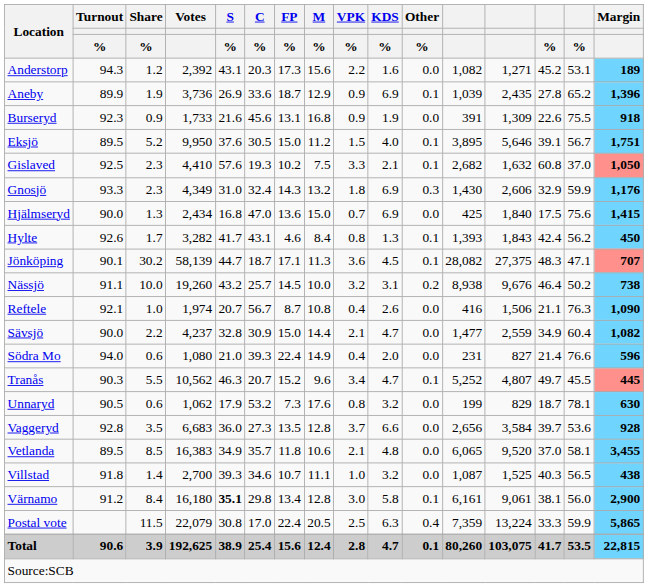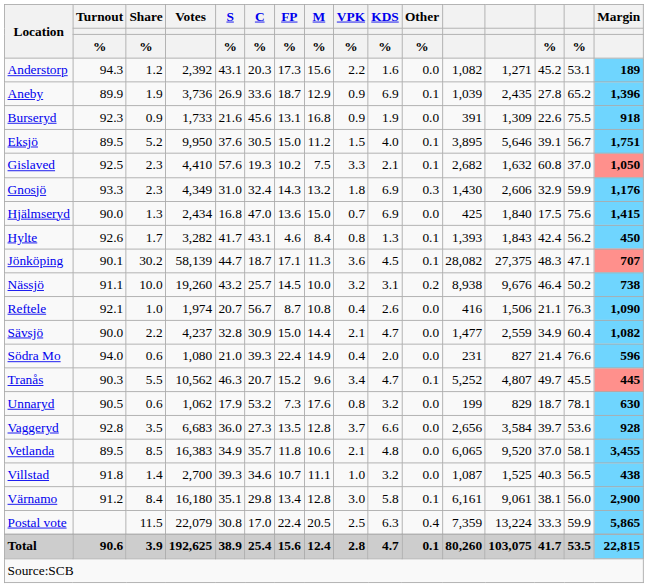 <table class="wikitable sortable" style="text-align:right; font-size:95%; line-height:20px;">
 <tr>
 <th rowspan="3">Location</th>
 <th>Turnout</th>
 <th>Share</th>
 <th>Votes</th>
 <th width="30px" class="unsortable"><a href='#'>S</a></th>
 <th width="30px" class="unsortable"><a href='#'>C</a></th>
 <th width="30px" class="unsortable"><a href='#'>FP</a></th>
 <th width="30px" class="unsortable"><a href='#'>M</a></th>
 <th width="30px" class="unsortable"><a href='#'>VPK</a></th>
 <th width="30px" class="unsortable"><a href='#'>KDS</a></th>
 <th width="30px" class="unsortable">Other</th>
 <th></th>
 <th></th>
 <th></th>
 <th></th>
 <th>Margin</th>
 </tr>
 <tr>
 <th></th>
 <th></th>
 <th></th>
 <th style="background:"></th>
 <th style="background:"></th>
 <th style="background:"></th>
 <th style="background:"></th>
 <th style="background:"></th>
 <th style="background:"></th>
 <th style="background:"></th>
 <th style="background:"></th>
 <th style="background:"></th>
 <th style="background:"></th>
 <th style="background:"></th>
 <th></th>
 </tr>
 <tr>
 <th data-sort-type="number">%</th>
 <th data-sort-type="number">%</th>
 <th></th>
 <th data-sort-type="number">%</th>
 <th data-sort-type="number">%</th>
 <th data-sort-type="number">%</th>
 <th data-sort-type="number">%</th>
 <th data-sort-type="number">%</th>
 <th data-sort-type="number">%</th>
 <th data-sort-type="number">%</th>
 <th data-sort-type="number"></th>
 <th data-sort-type="number"></th>
 <th data-sort-type="number">%</th>
 <th data-sort-type="number">%</th>
 <th data-sort-type="number"></th>
 </tr>
 <tr>
 <td align=left><a href='#'>Anderstorp</a></td>
 <td>94.3</td>
 <td>1.2</td>
 <td>2,392</td>
 <td>43.1</td>
 <td>20.3</td>
 <td>17.3</td>
 <td>15.6</td>
 <td>2.2</td>
 <td>1.6</td>
 <td>0.0</td>
 <td>1,082</td>
 <td>1,271</td>
 <td>45.2</td>
 <td>53.1</td>
 <td bgcolor=#6fd5fe><strong>189</strong></td>
 </tr>
 <tr>
 <td align=left><a href='#'>Aneby</a></td>
 <td>89.9</td>
 <td>1.9</td>
 <td>3,736</td>
 <td>26.9</td>
 <td>33.6</td>
 <td>18.7</td>
 <td>12.9</td>
 <td>0.9</td>
 <td>6.9</td>
 <td>0.1</td>
 <td>1,039</td>
 <td>2,435</td>
 <td>27.8</td>
 <td>65.2</td>
 <td bgcolor=#6fd5fe><strong>1,396</strong></td>
 </tr>
 <tr>
 <td align=left><a href='#'>Burseryd</a></td>
 <td>92.3</td>
 <td>0.9</td>
 <td>1,733</td>
 <td>21.6</td>
 <td>45.6</td>
 <td>13.1</td>
 <td>16.8</td>
 <td>0.9</td>
 <td>1.9</td>
 <td>0.0</td>
 <td>391</td>
 <td>1,309</td>
 <td>22.6</td>
 <td>75.5</td>
 <td bgcolor=#6fd5fe><strong>918</strong></td>
 </tr>
 <tr>
 <td align=left><a href='#'>Eksjö</a></td>
 <td>89.5</td>
 <td>5.2</td>
 <td>9,950</td>
 <td>37.6</td>
 <td>30.5</td>
 <td>15.0</td>
 <td>11.2</td>
 <td>1.5</td>
 <td>4.0</td>
 <td>0.1</td>
 <td>3,895</td>
 <td>5,646</td>
 <td>39.1</td>
 <td>56.7</td>
 <td bgcolor=#6fd5fe><strong>1,751</strong></td>
 </tr>
 <tr>
 <td align=left><a href='#'>Gislaved</a></td>
 <td>92.5</td>
 <td>2.3</td>
 <td>4,410</td>
 <td>57.6</td>
 <td>19.3</td>
 <td>10.2</td>
 <td>7.5</td>
 <td>3.3</td>
 <td>2.1</td>
 <td>0.1</td>
 <td>2,682</td>
 <td>1,632</td>
 <td>60.8</td>
 <td>37.0</td>
 <td bgcolor=#ff908c><strong>1,050</strong></td>
 </tr>
 <tr>
 <td align=left><a href='#'>Gnosjö</a></td>
 <td>93.3</td>
 <td>2.3</td>
 <td>4,349</td>
 <td>31.0</td>
 <td>32.4</td>
 <td>14.3</td>
 <td>13.2</td>
 <td>1.8</td>
 <td>6.9</td>
 <td>0.3</td>
 <td>1,430</td>
 <td>2,606</td>
 <td>32.9</td>
 <td>59.9</td>
 <td bgcolor=#6fd5fe><strong>1,176</strong></td>
 </tr>
 <tr>
 <td align=left><a href='#'>Hjälmseryd</a></td>
 <td>90.0</td>
 <td>1.3</td>
 <td>2,434</td>
 <td>16.8</td>
 <td>47.0</td>
 <td>13.6</td>
 <td>15.0</td>
 <td>0.7</td>
 <td>6.9</td>
 <td>0.0</td>
 <td>425</td>
 <td>1,840</td>
 <td>17.5</td>
 <td>75.6</td>
 <td bgcolor=#6fd5fe><strong>1,415</strong></td>
 </tr>
 <tr>
 <td align=left><a href='#'>Hylte</a></td>
 <td>92.6</td>
 <td>1.7</td>
 <td>3,282</td>
 <td>41.7</td>
 <td>43.1</td>
 <td>4.6</td>
 <td>8.4</td>
 <td>0.8</td>
 <td>1.3</td>
 <td>0.1</td>
 <td>1,393</td>
 <td>1,843</td>
 <td>42.4</td>
 <td>56.2</td>
 <td bgcolor=#6fd5fe><strong>450</strong></td>
 </tr>
 <tr>
 <td align=left><a href='#'>Jönköping</a></td>
 <td>90.1</td>
 <td>30.2</td>
 <td>58,139</td>
 <td>44.7</td>
 <td>18.7</td>
 <td>17.1</td>
 <td>11.3</td>
 <td>3.6</td>
 <td>4.5</td>
 <td>0.1</td>
 <td>28,082</td>
 <td>27,375</td>
 <td>48.3</td>
 <td>47.1</td>
 <td bgcolor=#ff908c><strong>707</strong></td>
 </tr>
 <tr>
 <td align=left><a href='#'>Nässjö</a></td>
 <td>91.1</td>
 <td>10.0</td>
 <td>19,260</td>
 <td>43.2</td>
 <td>25.7</td>
 <td>14.5</td>
 <td>10.0</td>
 <td>3.2</td>
 <td>3.1</td>
 <td>0.2</td>
 <td>8,938</td>
 <td>9,676</td>
 <td>46.4</td>
 <td>50.2</td>
 <td bgcolor=#6fd5fe><strong>738</strong></td>
 </tr>
 <tr>
 <td align=left><a href='#'>Reftele</a></td>
 <td>92.1</td>
 <td>1.0</td>
 <td>1,974</td>
 <td>20.7</td>
 <td>56.7</td>
 <td>8.7</td>
 <td>10.8</td>
 <td>0.4</td>
 <td>2.6</td>
 <td>0.0</td>
 <td>416</td>
 <td>1,506</td>
 <td>21.1</td>
 <td>76.3</td>
 <td bgcolor=#6fd5fe><strong>1,090</strong></td>
 </tr>
 <tr>
 <td align=left><a href='#'>Sävsjö</a></td>
 <td>90.0</td>
 <td>2.2</td>
 <td>4,237</td>
 <td>32.8</td>
 <td>30.9</td>
 <td>15.0</td>
 <td>14.4</td>
 <td>2.1</td>
 <td>4.7</td>
 <td>0.0</td>
 <td>1,477</td>
 <td>2,559</td>
 <td>34.9</td>
 <td>60.4</td>
 <td bgcolor=#6fd5fe><strong>1,082</strong></td>
 </tr>
 <tr>
 <td align=left><a href='#'>Södra Mo</a></td>
 <td>94.0</td>
 <td>0.6</td>
 <td>1,080</td>
 <td>21.0</td>
 <td>39.3</td>
 <td>22.4</td>
 <td>14.9</td>
 <td>0.4</td>
 <td>2.0</td>
 <td>0.0</td>
 <td>231</td>
 <td>827</td>
 <td>21.4</td>
 <td>76.6</td>
 <td bgcolor=#6fd5fe><strong>596</strong></td>
 </tr>
 <tr>
 <td align=left><a href='#'>Tranås</a></td>
 <td>90.3</td>
 <td>5.5</td>
 <td>10,562</td>
 <td>46.3</td>
 <td>20.7</td>
 <td>15.2</td>
 <td>9.6</td>
 <td>3.4</td>
 <td>4.7</td>
 <td>0.1</td>
 <td>5,252</td>
 <td>4,807</td>
 <td>49.7</td>
 <td>45.5</td>
 <td bgcolor=#ff908c><strong>445</strong></td>
 </tr>
 <tr>
 <td align=left><a href='#'>Unnaryd</a></td>
 <td>90.5</td>
 <td>0.6</td>
 <td>1,062</td>
 <td>17.9</td>
 <td>53.2</td>
 <td>7.3</td>
 <td>17.6</td>
 <td>0.8</td>
 <td>3.2</td>
 <td>0.0</td>
 <td>199</td>
 <td>829</td>
 <td>18.7</td>
 <td>78.1</td>
 <td bgcolor=#6fd5fe><strong>630</strong></td>
 </tr>
 <tr>
 <td align=left><a href='#'>Vaggeryd</a></td>
 <td>92.8</td>
 <td>3.5</td>
 <td>6,683</td>
 <td>36.0</td>
 <td>27.3</td>
 <td>13.5</td>
 <td>12.8</td>
 <td>3.7</td>
 <td>6.6</td>
 <td>0.0</td>
 <td>2,656</td>
 <td>3,584</td>
 <td>39.7</td>
 <td>53.6</td>
 <td bgcolor=#6fd5fe><strong>928</strong></td>
 </tr>
 <tr>
 <td align=left><a href='#'>Vetlanda</a></td>
 <td>89.5</td>
 <td>8.5</td>
 <td>16,383</td>
 <td>34.9</td>
 <td>35.7</td>
 <td>11.8</td>
 <td>10.6</td>
 <td>2.1</td>
 <td>4.8</td>
 <td>0.0</td>
 <td>6,065</td>
 <td>9,520</td>
 <td>37.0</td>
 <td>58.1</td>
 <td bgcolor=#6fd5fe><strong>3,455</strong></td>
 </tr>
 <tr>
 <td align=left><a href='#'>Villstad</a></td>
 <td>91.8</td>
 <td>1.4</td>
 <td>2,700</td>
 <td>39.3</td>
 <td>34.6</td>
 <td>10.7</td>
 <td>11.1</td>
 <td>1.0</td>
 <td>3.2</td>
 <td>0.0</td>
 <td>1,087</td>
 <td>1,525</td>
 <td>40.3</td>
 <td>56.5</td>
 <td bgcolor=#6fd5fe><strong>438</strong></td>
 </tr>
 <tr>
 <td align=left><a href='#'>Värnamo</a></td>
 <td>91.2</td>
 <td>8.4</td>
 <td>16,180</td>
-<td><strong>35.1</strong></td>
+<td>35.1</td>
 <td>29.8</td>
 <td>13.4</td>
 <td>12.8</td>
 <td>3.0</td>
 <td>5.8</td>
 <td>0.1</td>
 <td>6,161</td>
 <td>9,061</td>
 <td>38.1</td>
 <td>56.0</td>
 <td bgcolor=#6fd5fe><strong>2,900</strong></td>
 </tr>
 <tr>
 <td align=left><a href='#'>Postal vote</a></td>
 <td></td>
 <td>11.5</td>
 <td>22,079</td>
 <td>30.8</td>
 <td>17.0</td>
 <td>22.4</td>
 <td>20.5</td>
 <td>2.5</td>
 <td>6.3</td>
 <td>0.4</td>
 <td>7,359</td>
 <td>13,224</td>
 <td>33.3</td>
 <td>59.9</td>
 <td bgcolor=#6fd5fe><strong>5,865</strong></td>
 </tr>
 <tr>
 </tr>
 <tr style="background:#CDCDCD;">
 <td align=left><strong>Total</strong></td>
 <td><strong>90.6</strong></td>
 <td><strong>3.9</strong></td>
 <td><strong>192,625</strong></td>
 <td><strong>38.9</strong></td>
 <td><strong>25.4</strong></td>
 <td><strong>15.6</strong></td>
 <td><strong>12.4</strong></td>
 <td><strong>2.8</strong></td>
 <td><strong>4.7</strong></td>
 <td><strong>0.1</strong></td>
 <td><strong>80,260</strong></td>
 <td><strong>103,075</strong></td>
 <td><strong>41.7</strong></td>
 <td><strong>53.5</strong></td>
 <td bgcolor=#6fd5fe><strong>22,815</strong></td>
 </tr>
 <tr>
 <td align=left colspan=16>Source:SCB </td>
 </tr>
 </table>
